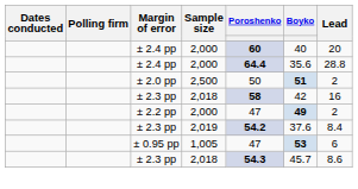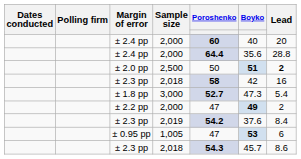 <table class="wikitable sortable mw-datatable mw-collapsible" style="text-align:center;font-size:90%;line-height:14px;">
 <tr style="height:40px;">
 <th rowspan="2">Dates<br>conducted</th>
 <th rowspan="2">Polling firm</th>
 <th rowspan="2">Margin<br>of error</th>
 <th rowspan="2">Sample<br>size</th>
 <th> <small><a href='#'>Poroshenko</a></small><br></th>
 <th> <small><a href='#'>Boyko</a></small><br></th>
 <th rowspan="2" style="width:40px;">Lead</th>
 </tr>
 <tr>
 <th data-sort-type="number" style="background:"></th>
 <th data-sort-type="number" style="background:"></th>
 </tr>
 <tr>
 <td></td>
 <td></td>
 <td>± 2.4 pp</td>
 <td>2,000</td>
 <td style="background:#D1D7E9"><strong>60</strong></td>
 <td>40</td>
 <td style="background:">20</td>
 </tr>
 <tr>
 <td></td>
 <td></td>
 <td>± 2.4 pp</td>
 <td>2,000</td>
 <td style="background:#D1D7E9"><strong>64.4</strong></td>
 <td>35.6</td>
 <td style="background:">28.8</td>
 </tr>
 <tr>
 <td></td>
 <td></td>
 <td>± 2.0 pp</td>
 <td>2,500</td>
 <td>50</td>
 <td style="background:#D1E0EF"><strong>51</strong></td>
-<td style="background:">2</td>
+<td style="background:"><strong>2</strong></td>
 </tr>
 <tr>
 <td></td>
 <td></td>
 <td>± 2.3 pp</td>
 <td>2,018</td>
 <td style="background:#D1D7E9"><strong>58</strong></td>
 <td>42</td>
 <td style="background:">16</td>
+</tr>
+<tr>
+<td></td>
+<td></td>
+<td>± 1.8 pp</td>
+<td>3,000</td>
+<td style="background:#D1D7E9"><strong>52.7</strong></td>
+<td>47.3</td>
+<td style="background:">5.4</td>
 </tr>
 <tr>
 <td></td>
 <td></td>
 <td>± 2.2 pp</td>
 <td>2,000</td>
 <td>47</td>
 <td style="background:#D1E0EF"><strong>49</strong></td>
 <td style="background:">2</td>
 </tr>
 <tr>
 <td></td>
 <td></td>
 <td>± 2.3 pp</td>
 <td>2,019</td>
 <td style="background:#D1D7E9"><strong>54.2</strong></td>
 <td>37.6</td>
 <td style="background:">8.4</td>
 </tr>
 <tr>
 <td></td>
 <td></td>
 <td>± 0.95 pp</td>
 <td>1,005</td>
 <td>47</td>
 <td style="background:#D1E0EF"><strong>53</strong></td>
 <td style="background:">6</td>
 </tr>
 <tr>
 <td></td>
 <td></td>
 <td>± 2.3 pp</td>
 <td>2,018</td>
 <td style="background:#D1D7E9"><strong>54.3</strong></td>
 <td>45.7</td>
 <td style="background:">8.6</td>
 </tr>
 </table>
